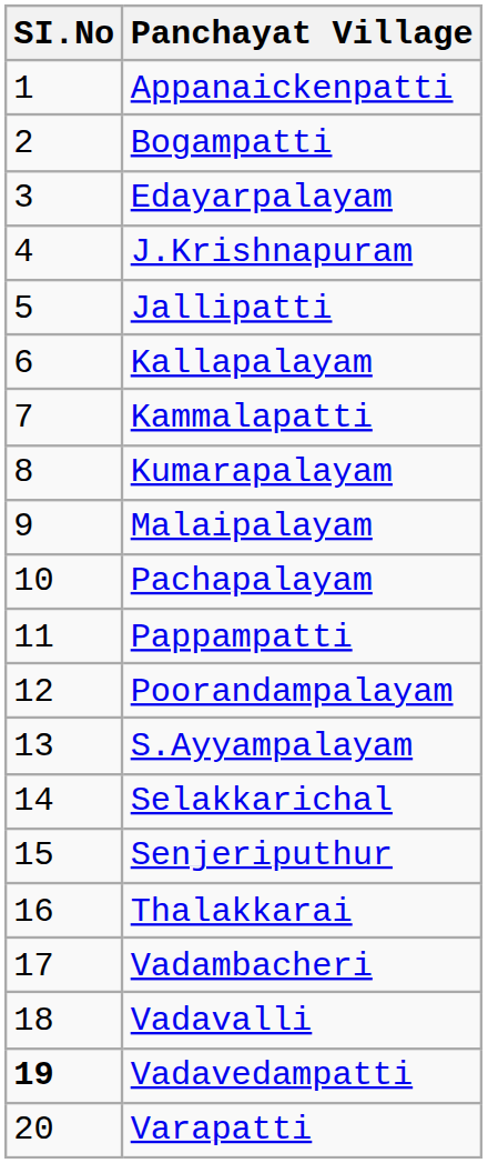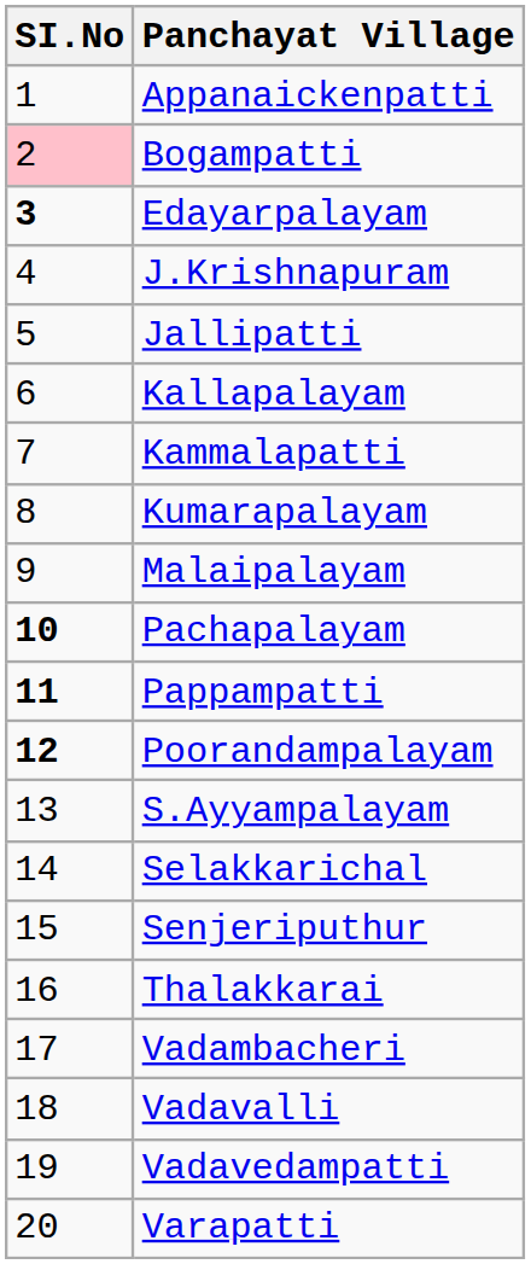 <table class="wikitable sortable">
 <tr>
 <th>SI.No</th>
 <th>Panchayat Village</th>
 </tr>
 <tr>
 <td>1</td>
 <td><a href='#'>Appanaickenpatti</a></td>
 </tr>
 <tr>
-<td>2</td>
+<td style="background: pink;">2</td>
 <td><a href='#'>Bogampatti</a></td>
 </tr>
 <tr>
-<td>3</td>
+<td><strong>3</strong></td>
 <td><a href='#'>Edayarpalayam</a></td>
 </tr>
 <tr>
 <td>4</td>
 <td><a href='#'>J.Krishnapuram</a></td>
 </tr>
 <tr>
 <td>5</td>
 <td><a href='#'>Jallipatti</a></td>
 </tr>
 <tr>
 <td>6</td>
 <td><a href='#'>Kallapalayam</a></td>
 </tr>
 <tr>
 <td>7</td>
 <td><a href='#'>Kammalapatti</a></td>
 </tr>
 <tr>
 <td>8</td>
 <td><a href='#'>Kumarapalayam</a></td>
 </tr>
 <tr>
 <td>9</td>
 <td><a href='#'>Malaipalayam</a></td>
 </tr>
 <tr>
-<td>10</td>
+<td><strong>10</strong></td>
 <td><a href='#'>Pachapalayam</a></td>
 </tr>
 <tr>
-<td>11</td>
+<td><strong>11</strong></td>
 <td><a href='#'>Pappampatti</a></td>
 </tr>
 <tr>
-<td>12</td>
+<td><strong>12</strong></td>
 <td><a href='#'>Poorandampalayam</a></td>
 </tr>
 <tr>
 <td>13</td>
 <td><a href='#'>S.Ayyampalayam</a></td>
 </tr>
 <tr>
 <td>14</td>
 <td><a href='#'>Selakkarichal</a></td>
 </tr>
 <tr>
 <td>15</td>
 <td><a href='#'>Senjeriputhur</a></td>
 </tr>
 <tr>
 <td>16</td>
 <td><a href='#'>Thalakkarai</a></td>
 </tr>
 <tr>
 <td>17</td>
 <td><a href='#'>Vadambacheri</a></td>
 </tr>
 <tr>
 <td>18</td>
 <td><a href='#'>Vadavalli</a></td>
 </tr>
 <tr>
-<td><strong>19</strong></td>
+<td>19</td>
 <td><a href='#'>Vadavedampatti</a></td>
 </tr>
 <tr>
 <td>20</td>
 <td><a href='#'>Varapatti</a></td>
 </tr>
 </table>
